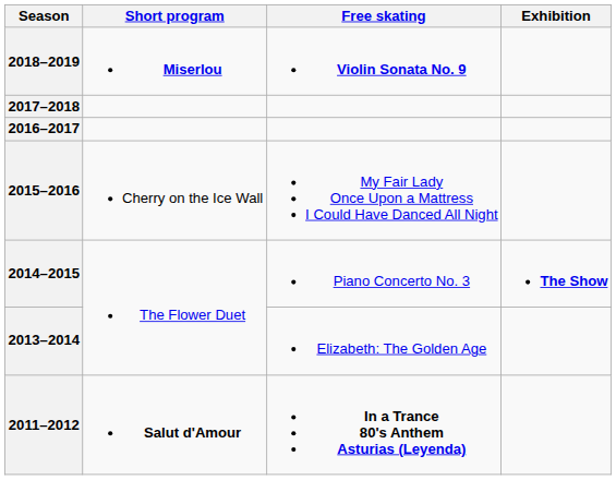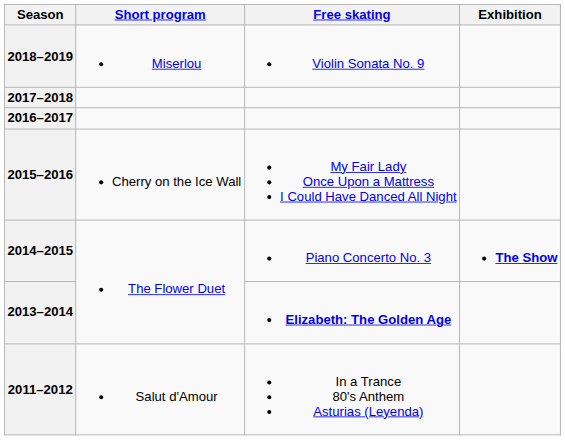 <table class=wikitable style=text-align:center>
 <tr>
 <th>Season</th>
 <th><a href='#'>Short program</a></th>
 <th><a href='#'>Free skating</a></th>
 <th>Exhibition</th>
 </tr>
 <tr>
 <th>2018–2019<br></th>
-<td><strong><br><ul><li><a href='#'>Miserlou</a> <br></li></ul></strong></td>
-<td><strong><br><ul><li><a href='#'>Violin Sonata No. 9</a><br></li></ul></strong></td>
+<td><br><ul><li><a href='#'>Miserlou</a> <br></li></ul></td>
+<td><br><ul><li><a href='#'>Violin Sonata No. 9</a><br></li></ul></td>
 <td></td>
 </tr>
 <tr>
 <th>2017–2018</th>
 <td></td>
 <td></td>
 <td></td>
 </tr>
 <tr>
 <th>2016–2017</th>
 <td></td>
 <td></td>
 <td></td>
 </tr>
 <tr>
 <th>2015–2016 <br></th>
 <td><br><ul><li>Cherry on the Ice Wall <br></li></ul></td>
 <td><br><ul><li><a href='#'>My Fair Lady</a> <br></li><li><a href='#'>Once Upon a Mattress</a> <br></li><li><a href='#'>I Could Have Danced All Night</a> <br></li></ul></td>
 <td></td>
 </tr>
 <tr>
 <th>2014–2015 <br> </th>
 <td rowspan=2><br><ul><li><a href='#'>The Flower Duet</a> <br></li></ul></td>
 <td><br><ul><li><a href='#'>Piano Concerto No. 3</a> <br></li></ul></td>
 <td><strong><br><ul><li><a href='#'>The Show</a> <br></li></ul></strong></td>
 </tr>
 <tr>
 <th>2013–2014 <br> </th>
-<td><br><ul><li><a href='#'>Elizabeth: The Golden Age</a> <br></li></ul></td>
+<td><strong><br><ul><li><a href='#'>Elizabeth: The Golden Age</a> <br></li></ul></strong></td>
 <td></td>
 </tr>
 <tr>
 <th>2011–2012 <br> </th>
-<td><strong><br><ul><li>Salut d'Amour <br></li></ul></strong></td>
-<td><strong><br><ul><li>In a Trance</li><li>80's Anthem</li><li><a href='#'>Asturias (Leyenda)</a> <br></li></ul></strong></td>
+<td><br><ul><li>Salut d'Amour <br></li></ul></td>
+<td><br><ul><li>In a Trance</li><li>80's Anthem</li><li><a href='#'>Asturias (Leyenda)</a> <br></li></ul></td>
 <td></td>
 </tr>
 </table>
